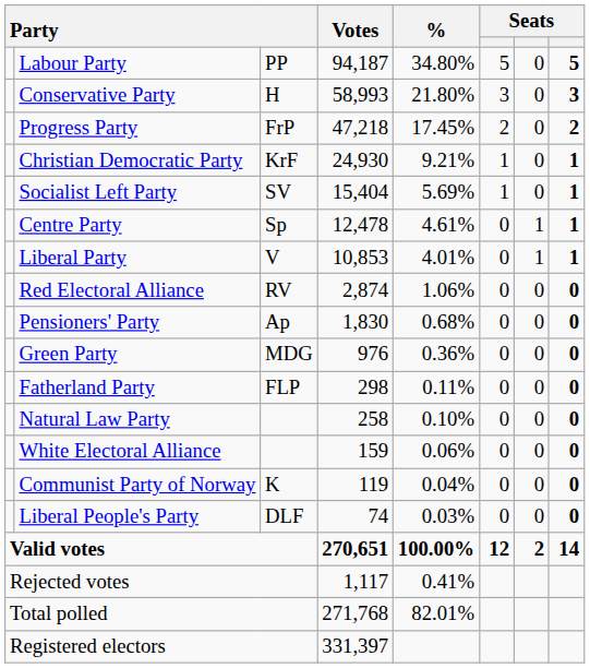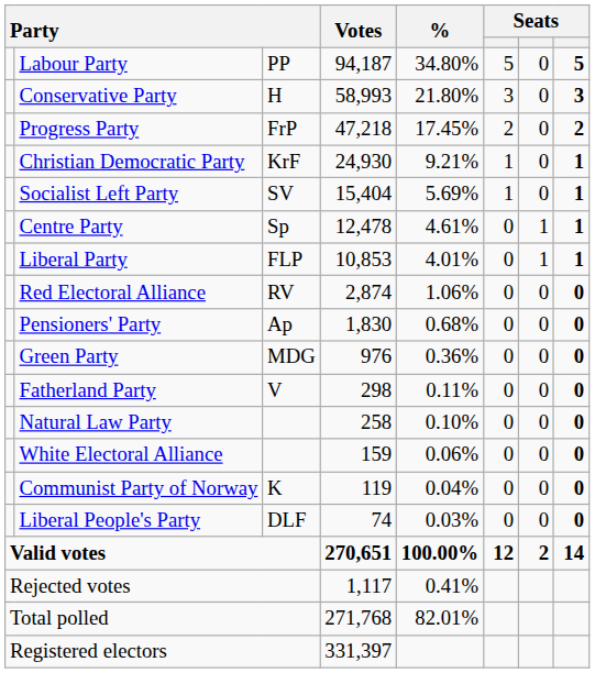 <table class="wikitable" border="1" style="text-align:right;">
 <tr>
 <th style="text-align:left;" valign=bottom rowspan=2 colspan=3>Party</th>
 <th align=center valign=bottom rowspan=2 width="50">Votes</th>
 <th align=center valign=bottom rowspan=2 width="50">%</th>
 <th colspan=3>Seats</th>
 </tr>
 <tr>
 <th align=center valign=bottom width="20"><small></small></th>
 <th align=center valign=bottom width="20"><small><a href='#'></a></small></th>
 <th align=center valign=bottom width="20"><small></small></th>
 </tr>
 <tr>
 <td style="color:inherit;background:"></td>
 <td align=left><a href='#'>Labour Party</a></td>
 <td align=left>PP</td>
 <td>94,187</td>
 <td>34.80%</td>
 <td>5</td>
 <td>0</td>
 <td><strong>5</strong></td>
 </tr>
 <tr>
 <td style="color:inherit;background:"></td>
 <td align=left><a href='#'>Conservative Party</a></td>
 <td align=left>H</td>
 <td>58,993</td>
 <td>21.80%</td>
 <td>3</td>
 <td>0</td>
 <td><strong>3</strong></td>
 </tr>
 <tr>
 <td style="color:inherit;background:"></td>
 <td align=left><a href='#'>Progress Party</a></td>
 <td align=left>FrP</td>
 <td>47,218</td>
 <td>17.45%</td>
 <td>2</td>
 <td>0</td>
 <td><strong>2</strong></td>
 </tr>
 <tr>
 <td style="color:inherit;background:"></td>
 <td align=left><a href='#'>Christian Democratic Party</a></td>
 <td align=left>KrF</td>
 <td>24,930</td>
 <td>9.21%</td>
 <td>1</td>
 <td>0</td>
 <td><strong>1</strong></td>
 </tr>
 <tr>
 <td style="color:inherit;background:"></td>
 <td align=left><a href='#'>Socialist Left Party</a></td>
 <td align=left>SV</td>
 <td>15,404</td>
 <td>5.69%</td>
 <td>1</td>
 <td>0</td>
 <td><strong>1</strong></td>
 </tr>
 <tr>
 <td style="color:inherit;background:"></td>
 <td align=left><a href='#'>Centre Party</a></td>
 <td align=left>Sp</td>
 <td>12,478</td>
 <td>4.61%</td>
 <td>0</td>
 <td>1</td>
 <td><strong>1</strong></td>
 </tr>
 <tr>
 <td style="color:inherit;background:"></td>
 <td align=left><a href='#'>Liberal Party</a></td>
-<td align=left>V</td>
+<td align=left>FLP</td>
 <td>10,853</td>
 <td>4.01%</td>
 <td>0</td>
 <td>1</td>
 <td><strong>1</strong></td>
 </tr>
 <tr>
 <td style="color:inherit;background:"></td>
 <td align=left><a href='#'>Red Electoral Alliance</a></td>
 <td align=left>RV</td>
 <td>2,874</td>
 <td>1.06%</td>
 <td>0</td>
 <td>0</td>
 <td><strong>0</strong></td>
 </tr>
 <tr>
 <td style="color:inherit;background:"></td>
 <td align=left><a href='#'>Pensioners' Party</a></td>
 <td align=left>Ap</td>
 <td>1,830</td>
 <td>0.68%</td>
 <td>0</td>
 <td>0</td>
 <td><strong>0</strong></td>
 </tr>
 <tr>
 <td style="color:inherit;background:"></td>
 <td align=left><a href='#'>Green Party</a></td>
 <td align=left>MDG</td>
 <td>976</td>
 <td>0.36%</td>
 <td>0</td>
 <td>0</td>
 <td><strong>0</strong></td>
 </tr>
 <tr>
 <td style="color:inherit;background:"></td>
 <td align=left><a href='#'>Fatherland Party</a></td>
-<td align=left>FLP</td>
+<td align=left>V</td>
 <td>298</td>
 <td>0.11%</td>
 <td>0</td>
 <td>0</td>
 <td><strong>0</strong></td>
 </tr>
 <tr>
 <td></td>
 <td align=left><a href='#'>Natural Law Party</a></td>
 <td align=left></td>
 <td>258</td>
 <td>0.10%</td>
 <td>0</td>
 <td>0</td>
 <td><strong>0</strong></td>
 </tr>
 <tr>
 <td style="color:inherit;background:"></td>
 <td align=left><a href='#'>White Electoral Alliance</a></td>
 <td align=left></td>
 <td>159</td>
 <td>0.06%</td>
 <td>0</td>
 <td>0</td>
 <td><strong>0</strong></td>
 </tr>
 <tr>
 <td style="color:inherit;background:"></td>
 <td align=left><a href='#'>Communist Party of Norway</a></td>
 <td align=left>K</td>
 <td>119</td>
 <td>0.04%</td>
 <td>0</td>
 <td>0</td>
 <td><strong>0</strong></td>
 </tr>
 <tr>
 <td style="color:inherit;background:"></td>
 <td align=left><a href='#'>Liberal People's Party</a></td>
 <td align=left>DLF</td>
 <td>74</td>
 <td>0.03%</td>
 <td>0</td>
 <td>0</td>
 <td><strong>0</strong></td>
 </tr>
 <tr style="font-weight:bold">
 <td align=left colspan=3>Valid votes</td>
 <td>270,651</td>
 <td>100.00%</td>
 <td>12</td>
 <td>2</td>
 <td>14</td>
 </tr>
 <tr>
 <td align=left colspan=3>Rejected votes</td>
 <td>1,117</td>
 <td>0.41%</td>
 <td></td>
 <td></td>
 <td></td>
 </tr>
 <tr>
 <td align=left colspan=3>Total polled</td>
 <td>271,768</td>
 <td>82.01%</td>
 <td></td>
 <td></td>
 <td></td>
 </tr>
 <tr>
 <td align=left colspan=3>Registered electors</td>
 <td>331,397</td>
 <td></td>
 <td></td>
 <td></td>
 <td></td>
 </tr>
 </table>
